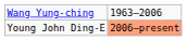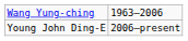 <table class="wikitable">
 <tr>
 <td><a href='#'>Wang Yung-ching</a></td>
 <td>1963–2006</td>
 </tr>
 <tr>
 <td>Young John Ding-E</td>
-<td style="background: lightsalmon;">2006–present</td>
+<td>2006–present</td>
 </tr>
 </table>
